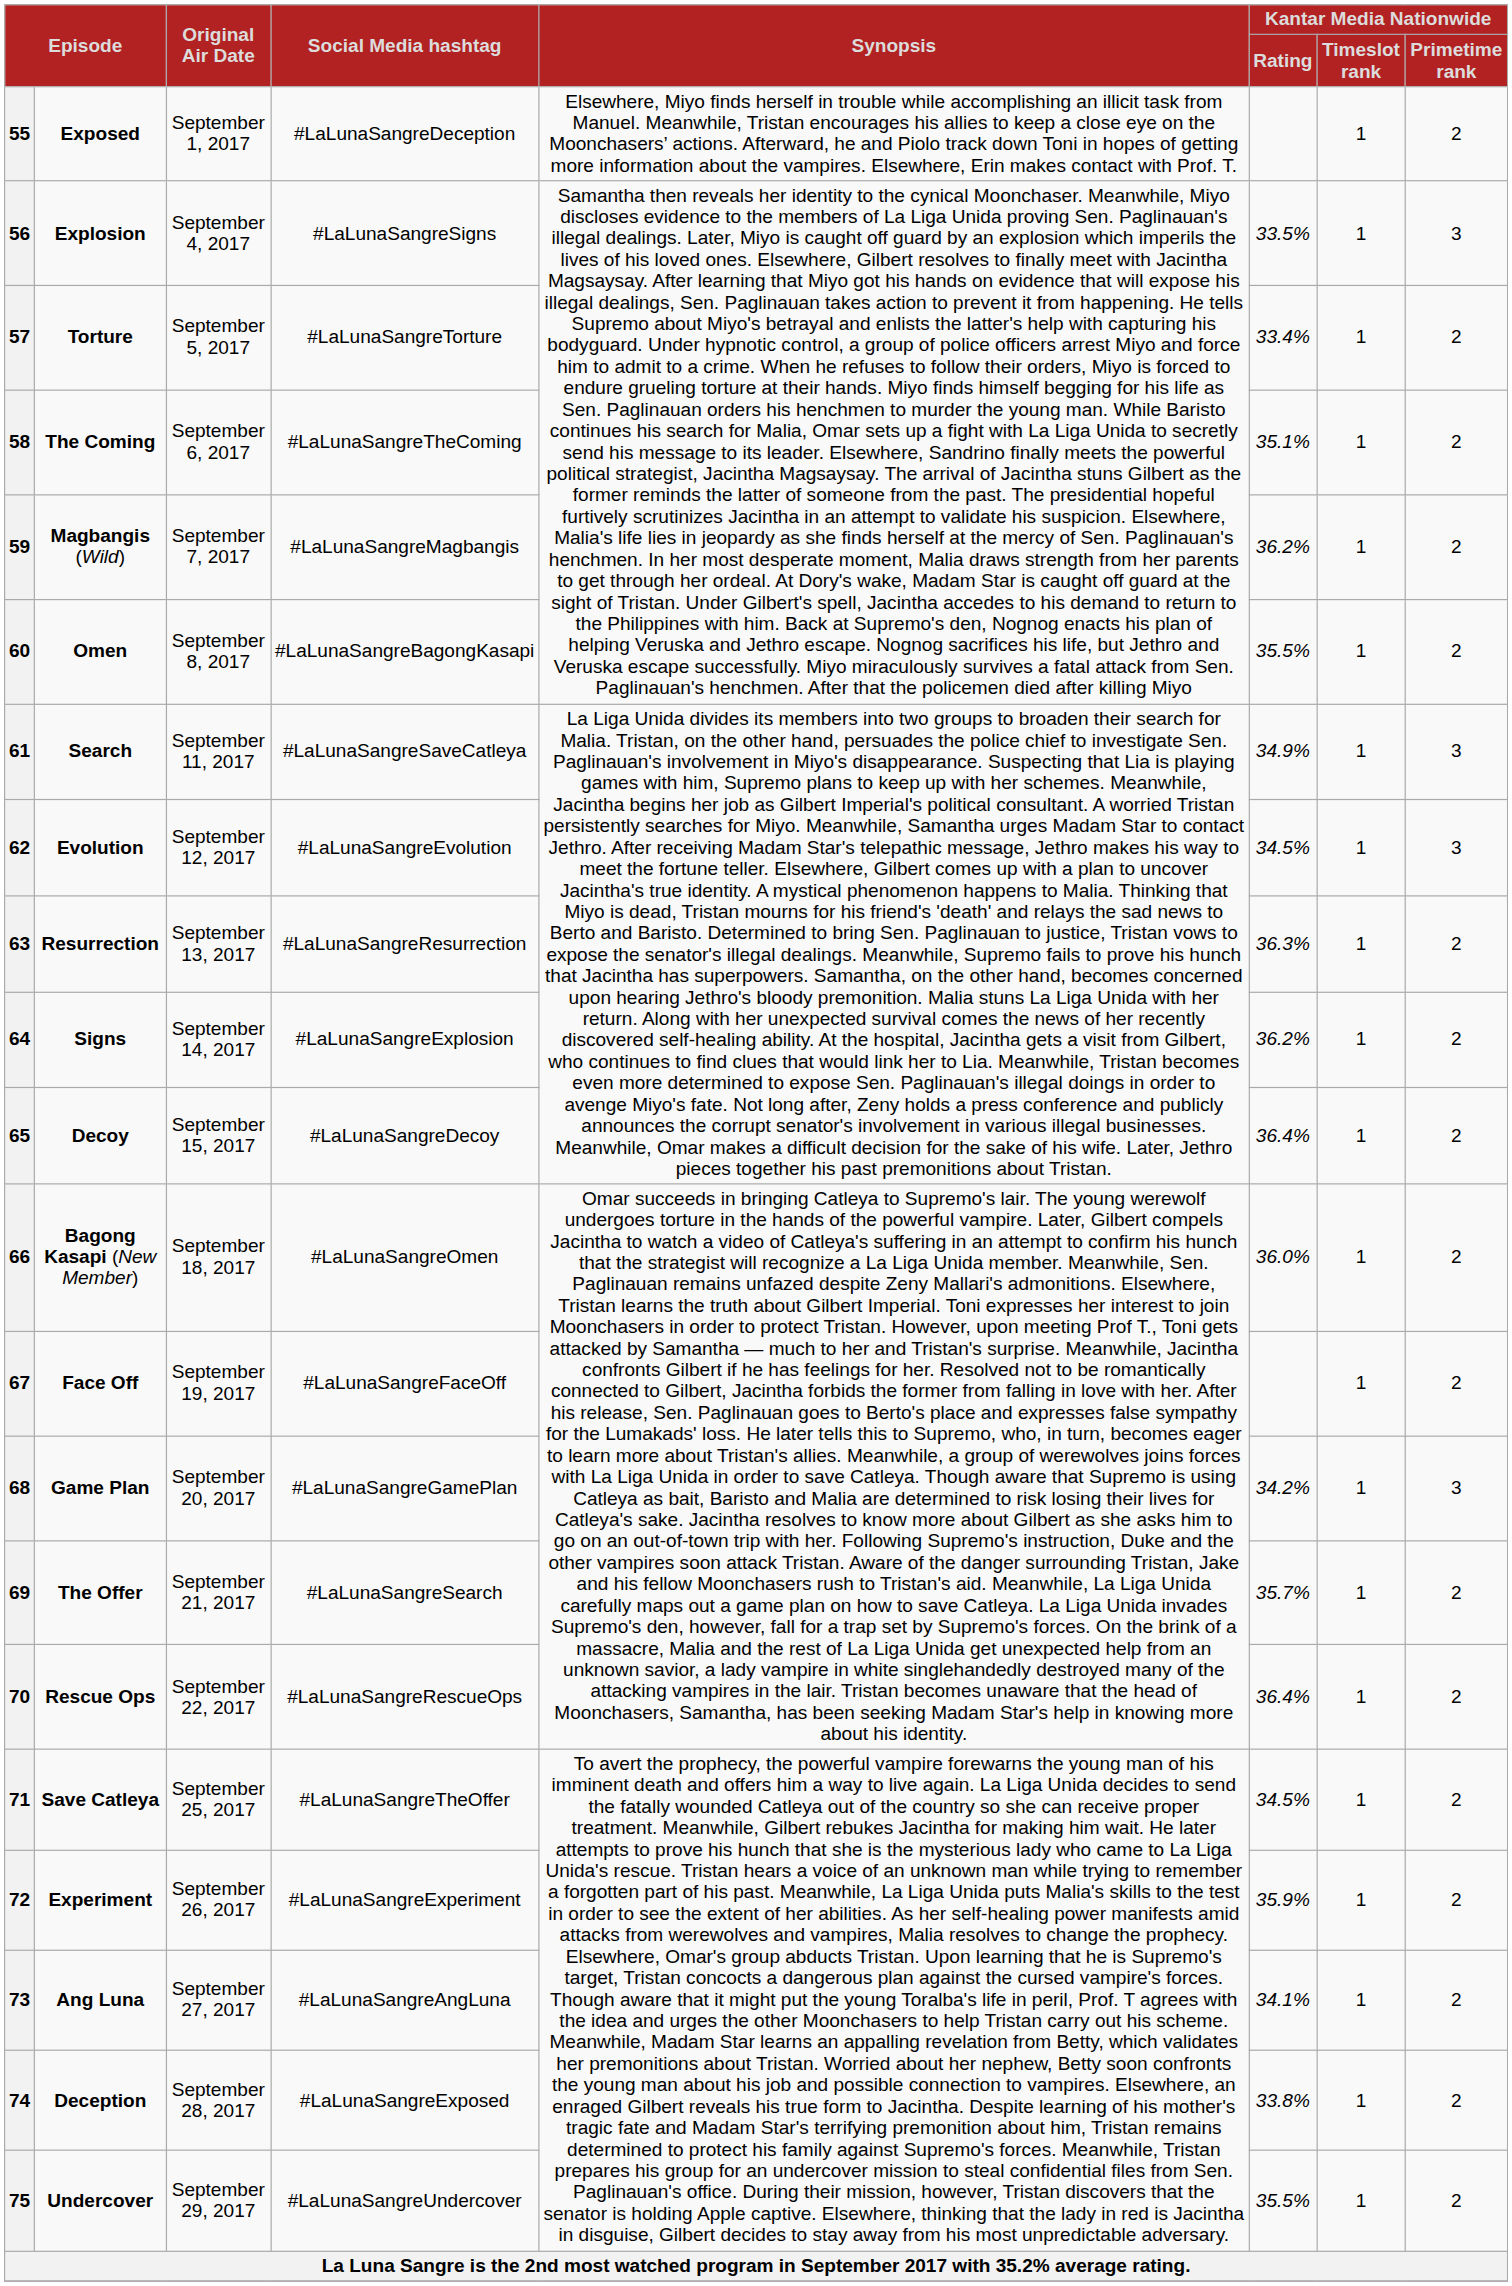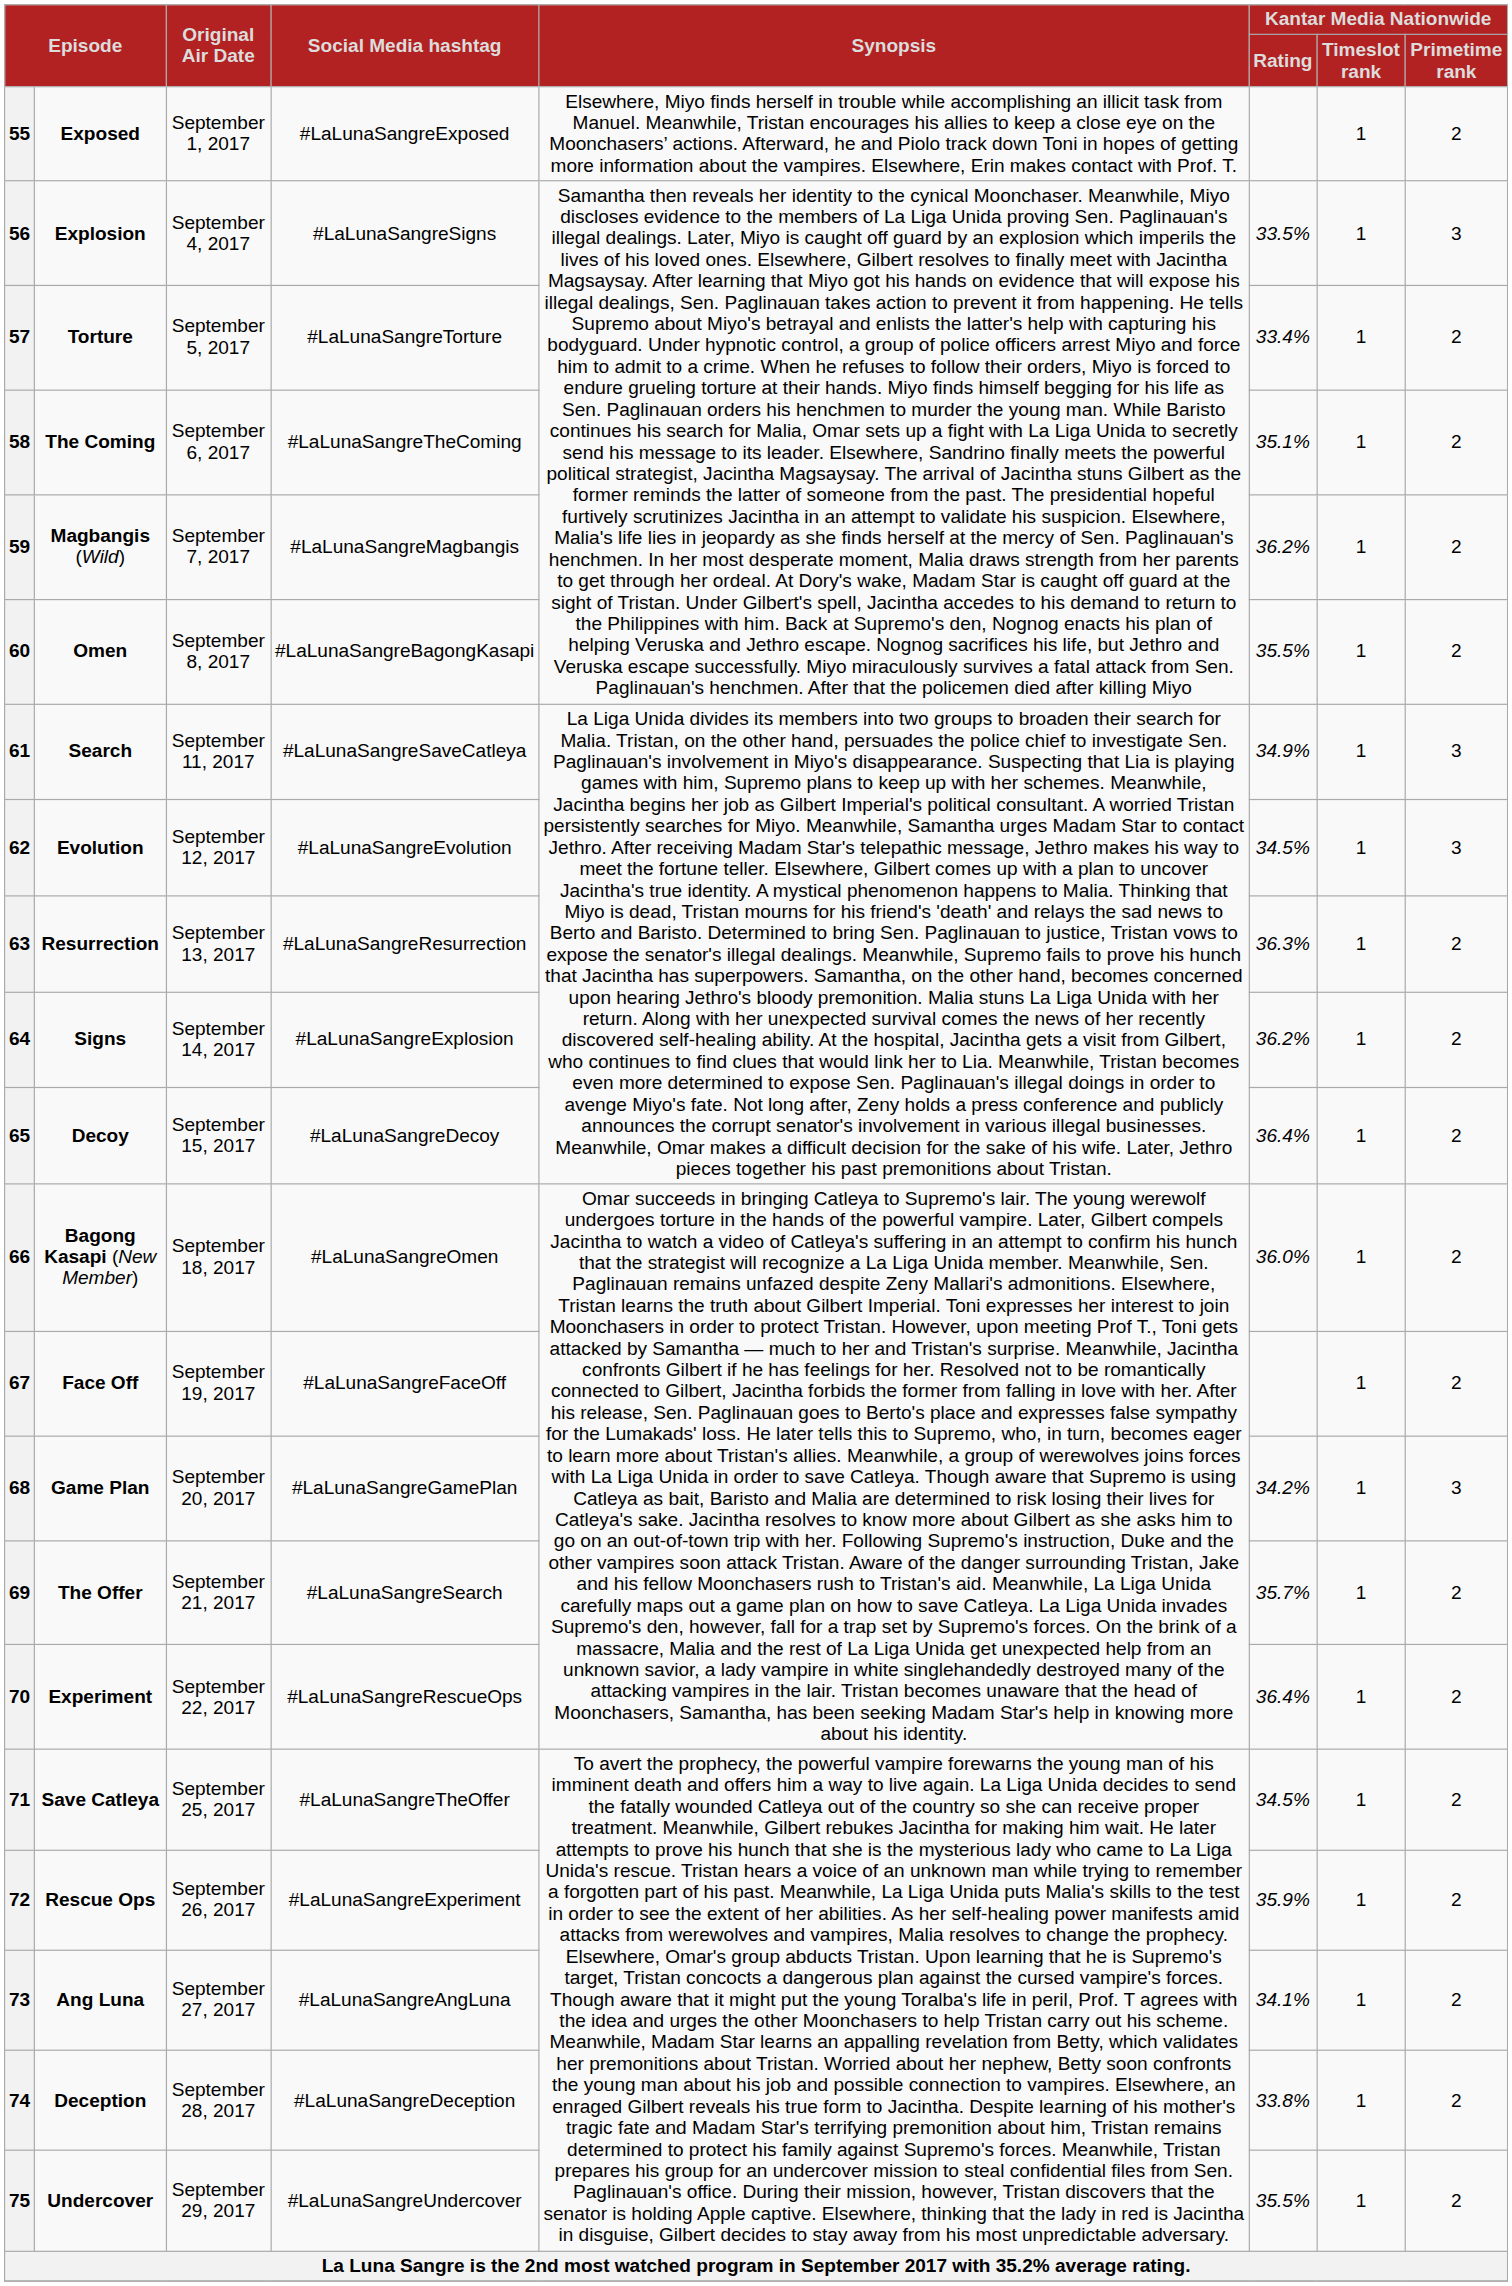 <table class="wikitable" style="text-align:center; font-size:100%; line-height:18px;"  width="100%">
 <tr>
 <th style="background-color:#B22222; color:#DCDCDC;" colspan="2" rowspan="2">Episode</th>
 <th style="background-color:#B22222; color:#DCDCDC;" rowspan="2">Original Air Date</th>
 <th style="background-color:#B22222; color:#DCDCDC;" rowspan="2">Social Media hashtag</th>
 <th style="background-color:#B22222; color:#DCDCDC;" rowspan="2">Synopsis</th>
 <th style="background-color:#B22222; color:#DCDCDC;" colspan="3">Kantar Media Nationwide</th>
 </tr>
 <tr>
 <th style="background-color:#B22222; color:#DCDCDC;">Rating</th>
 <th style="background-color:#B22222; color:#DCDCDC;">Timeslot rank</th>
 <th style="background-color:#B22222; color:#DCDCDC;">Primetime rank</th>
 </tr>
 <tr>
 <th>55</th>
 <td><strong>Exposed</strong></td>
 <td>September 1, 2017</td>
-<td>#LaLunaSangreDeception</td>
+<td>#LaLunaSangreExposed</td>
 <td>Elsewhere, Miyo finds herself in trouble while accomplishing an illicit task from Manuel. Meanwhile, Tristan encourages his allies to keep a close eye on the Moonchasers’ actions. Afterward, he and Piolo track down Toni in hopes of getting more information about the vampires. Elsewhere, Erin makes contact with Prof. T.</td>
 <td></td>
 <td>1</td>
 <td>2</td>
 </tr>
 <tr>
 <th>56</th>
 <td><strong>Explosion</strong></td>
 <td>September 4, 2017</td>
 <td>#LaLunaSangreSigns</td>
 <td rowspan="5">Samantha then reveals her identity to the cynical Moonchaser. Meanwhile, Miyo discloses evidence  to the members of La Liga Unida proving Sen. Paglinauan's illegal dealings. Later, Miyo is caught off guard by an explosion which imperils the lives of his loved ones. Elsewhere, Gilbert resolves to finally meet with Jacintha Magsaysay. After learning that Miyo got his hands on evidence that will expose his illegal dealings, Sen. Paglinauan takes action to prevent it from happening. He tells Supremo about Miyo's betrayal and enlists the latter's help with capturing his bodyguard. Under hypnotic control, a group of police officers arrest Miyo and force him to admit to a crime. When he refuses to follow their orders, Miyo is forced to endure grueling torture at their hands. Miyo finds himself begging for his life as Sen. Paglinauan orders his henchmen to murder the young man. While Baristo continues his search for Malia, Omar sets up a fight with La Liga Unida to secretly send his message to its leader. Elsewhere, Sandrino finally meets the powerful political strategist, Jacintha Magsaysay. The arrival of Jacintha stuns Gilbert as the former reminds the latter of someone from the past. The presidential hopeful furtively scrutinizes Jacintha in an attempt to validate his suspicion. Elsewhere, Malia's life lies in jeopardy as she finds herself at the mercy of Sen. Paglinauan's henchmen. In her most desperate moment, Malia draws strength from her parents to get through her ordeal. At Dory's wake, Madam Star is caught off guard at the sight of Tristan. Under Gilbert's spell, Jacintha accedes to his demand to return to the Philippines with him. Back at Supremo's den, Nognog enacts his plan of helping Veruska and Jethro escape. Nognog sacrifices his life, but Jethro and Veruska escape successfully. Miyo miraculously survives a fatal attack from Sen. Paglinauan's henchmen. After that the policemen died after killing Miyo</td>
 <td><em>33.5%</em></td>
 <td>1</td>
 <td>3</td>
 </tr>
 <tr>
 <th>57</th>
 <td><strong>Torture</strong></td>
 <td>September 5, 2017</td>
 <td>#LaLunaSangreTorture</td>
 <td><em>33.4%</em></td>
 <td>1</td>
 <td>2</td>
 </tr>
 <tr>
 <th>58</th>
 <td><strong>The Coming</strong></td>
 <td>September 6, 2017</td>
 <td>#LaLunaSangreTheComing</td>
 <td><em>35.1%</em></td>
 <td>1</td>
 <td>2</td>
 </tr>
 <tr>
 <th>59</th>
 <td><strong>Magbangis</strong> (<em>Wild</em>)</td>
 <td>September 7, 2017</td>
 <td>#LaLunaSangreMagbangis</td>
 <td><em>36.2%</em></td>
 <td>1</td>
 <td>2</td>
 </tr>
 <tr>
 <th>60</th>
 <td><strong>Omen</strong></td>
 <td>September 8, 2017</td>
 <td>#LaLunaSangreBagongKasapi</td>
 <td><em>35.5%</em></td>
 <td>1</td>
 <td>2</td>
 </tr>
 <tr>
 <th>61</th>
 <td><strong>Search</strong></td>
 <td>September 11, 2017</td>
 <td>#LaLunaSangreSaveCatleya</td>
 <td rowspan="5">La Liga Unida divides its members into two groups to broaden their search for Malia. Tristan, on the other hand, persuades the police chief to investigate Sen. Paglinauan's involvement in Miyo's disappearance. Suspecting that Lia is playing games with him, Supremo plans to keep up with her schemes. Meanwhile, Jacintha begins her job as Gilbert Imperial's political consultant. A worried Tristan persistently searches for Miyo. Meanwhile, Samantha urges Madam Star to contact Jethro. After receiving Madam Star's telepathic message, Jethro makes his way to meet the fortune teller. Elsewhere, Gilbert comes up with a plan to uncover Jacintha's true identity. A mystical phenomenon happens to Malia. Thinking that Miyo is dead, Tristan mourns for his friend's 'death' and relays the sad news to Berto and Baristo. Determined to bring Sen. Paglinauan to justice, Tristan vows to expose the senator's illegal dealings. Meanwhile, Supremo fails to prove his hunch that Jacintha has superpowers. Samantha, on the other hand, becomes concerned upon hearing Jethro's bloody premonition. Malia stuns La Liga Unida with her return. Along with her unexpected survival comes the news of her recently discovered self-healing ability. At the hospital, Jacintha gets a visit from Gilbert, who continues to find clues that would link her to Lia. Meanwhile, Tristan becomes even more determined to expose Sen. Paglinauan's illegal doings in order to avenge Miyo's fate. Not long after, Zeny holds a press conference and publicly announces the corrupt senator's involvement in various illegal businesses. Meanwhile, Omar makes a difficult decision for the sake of his wife. Later, Jethro pieces together his past premonitions about Tristan.</td>
 <td><em>34.9%</em></td>
 <td>1</td>
 <td>3</td>
 </tr>
 <tr>
 <th>62</th>
 <td><strong>Evolution</strong></td>
 <td>September 12, 2017</td>
 <td>#LaLunaSangreEvolution</td>
 <td><em>34.5%</em></td>
 <td>1</td>
 <td>3</td>
 </tr>
 <tr>
 <th>63</th>
 <td><strong>Resurrection</strong></td>
 <td>September 13, 2017</td>
 <td>#LaLunaSangreResurrection</td>
 <td><em>36.3%</em></td>
 <td>1</td>
 <td>2</td>
 </tr>
 <tr>
 <th>64</th>
 <td><strong>Signs</strong></td>
 <td>September 14, 2017</td>
 <td>#LaLunaSangreExplosion</td>
 <td><em>36.2%</em></td>
 <td>1</td>
 <td>2</td>
 </tr>
 <tr>
 <th>65</th>
 <td><strong>Decoy</strong></td>
 <td>September 15, 2017</td>
 <td>#LaLunaSangreDecoy</td>
 <td><em>36.4%</em></td>
 <td>1</td>
 <td>2</td>
 </tr>
 <tr>
 <th>66</th>
 <td><strong>Bagong Kasapi</strong> (<em>New Member</em>)</td>
 <td>September 18, 2017</td>
 <td>#LaLunaSangreOmen</td>
 <td rowspan="5">Omar succeeds in bringing Catleya to Supremo's lair. The young werewolf undergoes torture in the hands of the powerful vampire. Later, Gilbert compels Jacintha to watch a video of Catleya's suffering in an attempt to confirm his hunch that the strategist will recognize a La Liga Unida member. Meanwhile, Sen. Paglinauan remains unfazed despite Zeny Mallari's admonitions. Elsewhere, Tristan learns the truth about Gilbert Imperial. Toni expresses her interest to join Moonchasers in order to protect Tristan. However, upon meeting Prof T., Toni gets attacked by Samantha — much to her and Tristan's surprise. Meanwhile, Jacintha confronts Gilbert if he has feelings for her. Resolved not to be romantically connected to Gilbert, Jacintha forbids the former from falling in love with her. After his release, Sen. Paglinauan goes to Berto's place and expresses false sympathy for the Lumakads' loss. He later tells this to Supremo, who, in turn, becomes eager to learn more about Tristan's allies. Meanwhile, a group of werewolves joins forces with La Liga Unida in order to save Catleya. Though aware that Supremo is using Catleya as bait, Baristo and Malia are determined to risk losing their lives for Catleya's sake. Jacintha resolves to know more about Gilbert as she asks him to go on an out-of-town trip with her. Following Supremo's instruction, Duke and the other vampires soon attack Tristan. Aware of the danger surrounding Tristan, Jake and his fellow Moonchasers rush to Tristan's aid. Meanwhile, La Liga Unida carefully maps out a game plan on how to save Catleya. La Liga Unida invades Supremo's den, however, fall for a trap set by Supremo's forces. On the brink of a massacre, Malia and the rest of La Liga Unida get unexpected help from an unknown savior, a lady vampire in white singlehandedly destroyed many of the attacking vampires in the lair.  Tristan becomes unaware that the head of Moonchasers, Samantha, has been seeking Madam Star's help in knowing more about his identity.</td>
 <td><em>36.0%</em></td>
 <td>1</td>
 <td>2</td>
 </tr>
 <tr>
 <th>67</th>
 <td><strong>Face Off</strong></td>
 <td>September 19, 2017</td>
 <td>#LaLunaSangreFaceOff</td>
 <td></td>
 <td>1</td>
 <td>2</td>
 </tr>
 <tr>
 <th>68</th>
 <td><strong>Game Plan</strong></td>
 <td>September 20, 2017</td>
 <td>#LaLunaSangreGamePlan</td>
 <td><em>34.2%</em></td>
 <td>1</td>
 <td>3</td>
 </tr>
 <tr>
 <th>69</th>
 <td><strong>The Offer</strong></td>
 <td>September 21, 2017</td>
 <td>#LaLunaSangreSearch</td>
 <td><em>35.7%</em></td>
 <td>1</td>
 <td>2</td>
 </tr>
 <tr>
 <th>70</th>
-<td><strong>Rescue Ops</strong></td>
+<td><strong>Experiment</strong></td>
 <td>September 22, 2017</td>
 <td>#LaLunaSangreRescueOps</td>
 <td><em>36.4%</em></td>
 <td>1</td>
 <td>2</td>
 </tr>
 <tr>
 <th>71</th>
 <td><strong>Save Catleya</strong></td>
 <td>September 25, 2017</td>
 <td>#LaLunaSangreTheOffer</td>
 <td rowspan="5">To avert the prophecy, the powerful vampire forewarns the young man of his imminent death and offers him a way to live again. La Liga Unida decides to send the fatally wounded Catleya out of the country so she can receive proper treatment. Meanwhile, Gilbert rebukes Jacintha for making him wait. He later attempts to prove his hunch that she is the mysterious lady who came to La Liga Unida's rescue. Tristan hears a voice of an unknown man while trying to remember a forgotten part of his past. Meanwhile, La Liga Unida puts Malia's skills to the test in order to see the extent of her abilities. As her self-healing power manifests amid attacks from werewolves and vampires, Malia resolves to change the prophecy. Elsewhere, Omar's group abducts Tristan. Upon learning that he is Supremo's target, Tristan concocts a dangerous plan against the cursed vampire's forces. Though aware that it might put the young Toralba's life in peril, Prof. T agrees with the idea and urges the other Moonchasers to help Tristan carry out his scheme. Meanwhile, Madam Star learns an appalling revelation from Betty, which validates her premonitions about Tristan. Worried about her nephew, Betty soon confronts the young man about his job and possible connection to vampires. Elsewhere, an enraged Gilbert reveals his true form to Jacintha. Despite learning of his mother's tragic fate and Madam Star's terrifying premonition about him, Tristan remains determined to protect his family against Supremo's forces. Meanwhile, Tristan prepares his group for an undercover mission to steal confidential files from Sen. Paglinauan's office. During their mission, however, Tristan discovers that the senator is holding Apple captive. Elsewhere, thinking that the lady in red is Jacintha in disguise, Gilbert decides to stay away from his most unpredictable adversary.</td>
 <td><em>34.5%</em></td>
 <td>1</td>
 <td>2</td>
 </tr>
 <tr>
 <th>72</th>
-<td><strong>Experiment</strong></td>
+<td><strong>Rescue Ops</strong></td>
 <td>September 26, 2017</td>
 <td>#LaLunaSangreExperiment</td>
 <td><em>35.9%</em></td>
 <td>1</td>
 <td>2</td>
 </tr>
 <tr>
 <th>73</th>
 <td><strong>Ang Luna</strong></td>
 <td>September 27, 2017</td>
 <td>#LaLunaSangreAngLuna</td>
 <td><em>34.1%</em></td>
 <td>1</td>
 <td>2</td>
 </tr>
 <tr>
 <th>74</th>
 <td><strong>Deception</strong></td>
 <td>September 28, 2017</td>
-<td>#LaLunaSangreExposed</td>
+<td>#LaLunaSangreDeception</td>
 <td><em>33.8%</em></td>
 <td>1</td>
 <td>2</td>
 </tr>
 <tr>
 <th>75</th>
 <td><strong>Undercover</strong></td>
 <td>September 29, 2017</td>
 <td>#LaLunaSangreUndercover</td>
 <td><em>35.5%</em></td>
 <td>1</td>
 <td>2</td>
 </tr>
 <tr>
 <th colspan = "8" style="text-align: center; border-: 3px solid #ffba31;">La Luna Sangre is the 2nd most watched program in September 2017 with 35.2% average rating.</th>
 </tr>
 <tr>
 </tr>
 </table>
